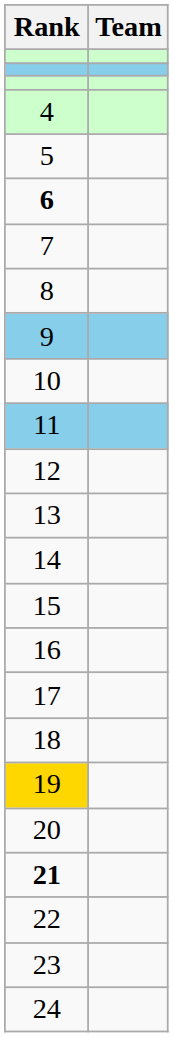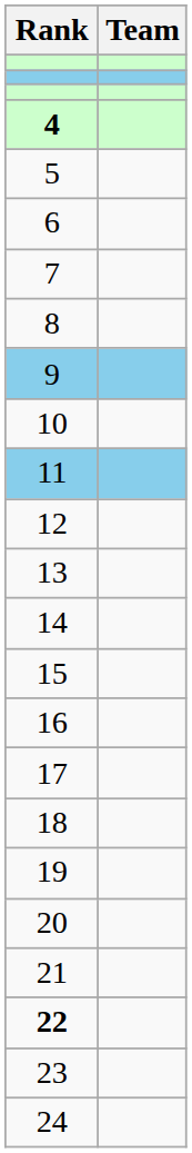 <table class="wikitable">
 <tr>
 <th style="width: 40px;">Rank</th>
 <th>Team</th>
 </tr>
 <tr style="background: #CCFFCC;">
 <td style="text-align: center;"></td>
 <td></td>
 </tr>
 <tr style="background: skyblue;">
 <td style="text-align: center;"></td>
 <td></td>
 </tr>
 <tr style="background: #CCFFCC;">
 <td style="text-align: center;"></td>
 <td></td>
 </tr>
 <tr style="background: #CCFFCC;">
-<td style="text-align: center;">4</td>
+<td style="text-align: center;"><strong>4</strong></td>
 <td></td>
 </tr>
 <tr>
 <td style="text-align: center;">5</td>
 <td></td>
 </tr>
 <tr>
-<td style="text-align: center;"><strong>6</strong></td>
+<td style="text-align: center;">6</td>
 <td></td>
 </tr>
 <tr>
 <td style="text-align: center;">7</td>
 <td></td>
 </tr>
 <tr>
 <td style="text-align: center;">8</td>
 <td></td>
 </tr>
 <tr style="background: skyblue;">
 <td style="text-align: center;">9</td>
 <td></td>
 </tr>
 <tr>
 <td style="text-align: center;">10</td>
 <td></td>
 </tr>
 <tr style="background: skyblue;">
 <td style="text-align: center;">11</td>
 <td></td>
 </tr>
 <tr>
 <td style="text-align: center;">12</td>
 <td></td>
 </tr>
 <tr>
 <td style="text-align: center;">13</td>
 <td></td>
 </tr>
 <tr>
 <td style="text-align: center;">14</td>
 <td></td>
 </tr>
 <tr>
 <td style="text-align: center;">15</td>
 <td></td>
 </tr>
 <tr>
 <td style="text-align: center;">16</td>
 <td></td>
 </tr>
 <tr>
 <td style="text-align: center;">17</td>
 <td></td>
 </tr>
 <tr>
 <td style="text-align: center;">18</td>
 <td></td>
 </tr>
 <tr>
-<td style="background: gold; text-align: center;">19</td>
+<td style="text-align: center;">19</td>
 <td></td>
 </tr>
 <tr>
 <td style="text-align: center;">20</td>
 <td></td>
 </tr>
 <tr>
-<td style="text-align: center;"><strong>21</strong></td>
+<td style="text-align: center;">21</td>
 <td></td>
 </tr>
 <tr>
-<td style="text-align: center;">22</td>
+<td style="text-align: center;"><strong>22</strong></td>
 <td></td>
 </tr>
 <tr>
 <td style="text-align: center;">23</td>
 <td></td>
 </tr>
 <tr>
 <td style="text-align: center;">24</td>
 <td></td>
 </tr>
 </table>
